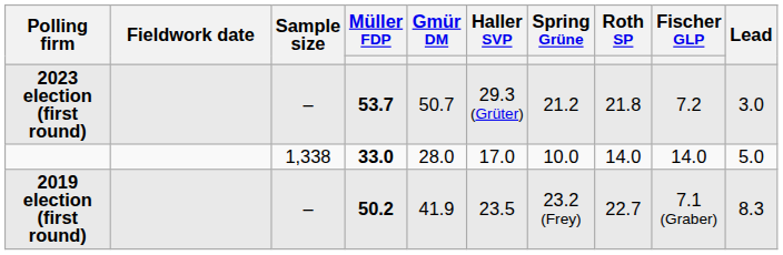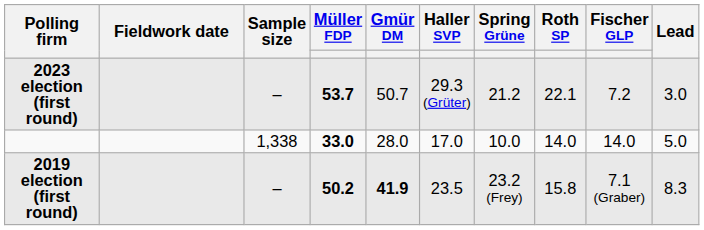 <table class="wikitable sortable" style="text-align:center;font-size:90%;line-height:14px;">
 <tr style="height:40px;">
 <th style="width:80px;" rowspan="2">Polling firm</th>
 <th style="width:130px;" rowspan="2">Fieldwork date</th>
 <th style="width:35px;" rowspan="2">Sample<br>size</th>
 <th class="unsortable" style="width:40px;"><a href='#'>Müller</a><br><small><a href='#'>FDP</a></small></th>
 <th class="unsortable" style="width:40px;"><a href='#'>Gmür</a><br><small><a href='#'>DM</a></small></th>
 <th class="unsortable" style="width:40px;">Haller<br><small><a href='#'>SVP</a></small></th>
 <th class="unsortable" style="width:40px;">Spring<br><small><a href='#'>Grüne</a></small></th>
 <th class="unsortable" style="width:40px;">Roth<br><small><a href='#'>SP</a></small></th>
 <th class="unsortable" style="width:40px;">Fischer<br><small><a href='#'>GLP</a></small></th>
 <th style="width:30px;" rowspan="2">Lead</th>
 </tr>
 <tr>
 <th style="background:"></th>
 <th style="background:"></th>
 <th style="background:"></th>
 <th style="background:"></th>
 <th style="background:"></th>
 <th style="background:"></th>
 </tr>
 <tr style="background:#E9E9E9;">
 <td><strong>2023 election (first round)</strong></td>
 <td></td>
 <td>–</td>
 <td style="background:#"><strong>53.7</strong></td>
 <td>50.7</td>
 <td>29.3<br><small>(<a href='#'>Grüter</a>)</small></td>
 <td>21.2</td>
-<td>21.8</td>
+<td>22.1</td>
 <td>7.2</td>
 <td style="background:">3.0</td>
 </tr>
 <tr>
 <td></td>
 <td></td>
 <td>1,338</td>
 <td style="background:#"><strong>33.0</strong></td>
 <td>28.0</td>
 <td>17.0</td>
 <td>10.0</td>
 <td>14.0</td>
 <td>14.0</td>
 <td style="background:">5.0</td>
 </tr>
 <tr style="background:#E9E9E9;">
 <td><strong>2019 election (first round)</strong></td>
 <td></td>
 <td>–</td>
 <td style="background:#"><strong>50.2</strong></td>
-<td>41.9</td>
+<td><strong>41.9</strong></td>
 <td>23.5</td>
 <td>23.2<br><small>(Frey)</small></td>
-<td>22.7</td>
+<td>15.8</td>
 <td>7.1<br><small>(Graber)</small></td>
 <td style="background:">8.3</td>
 </tr>
 </table>
